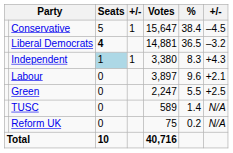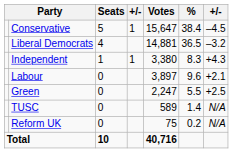 <table class="wikitable sortable">
 <tr>
 <th colspan="2">Party</th>
 <th>Seats</th>
 <th>+/-</th>
 <th>Votes</th>
 <th>%</th>
 <th>+/-</th>
 </tr>
 <tr>
 <td style="background-color: "></td>
 <td><a href='#'>Conservative</a></td>
 <td>5</td>
 <td> 1</td>
 <td style="text-align:right;">15,647</td>
 <td style="text-align:right;">38.4</td>
 <td style="text-align:right;">–4.5</td>
 </tr>
 <tr>
 <td style="background-color: "></td>
 <td><a href='#'>Liberal Democrats</a></td>
-<td><strong>4</strong></td>
+<td>4</td>
 <td></td>
 <td style="text-align:right;">14,881</td>
 <td style="text-align:right;">36.5</td>
 <td style="text-align:right;">–3.2</td>
 </tr>
 <tr>
 <td style="background-color: "></td>
 <td><a href='#'>Independent</a></td>
-<td style="background: lightblue;">1</td>
+<td>1</td>
 <td> 1</td>
 <td style="text-align:right;">3,380</td>
 <td style="text-align:right;">8.3</td>
 <td style="text-align:right;">+4.3</td>
 </tr>
 <tr>
 <td style="background-color: "></td>
 <td><a href='#'>Labour</a></td>
 <td>0</td>
 <td></td>
 <td style="text-align:right;">3,897</td>
 <td style="text-align:right;">9.6</td>
 <td style="text-align:right;">+2.1</td>
 </tr>
 <tr>
 <td style="background-color: "></td>
 <td><a href='#'>Green</a></td>
 <td>0</td>
 <td></td>
 <td style="text-align:right;">2,247</td>
 <td style="text-align:right;">5.5</td>
 <td style="text-align:right;">+2.5</td>
 </tr>
 <tr>
 <td style="background-color: "></td>
 <td><a href='#'>TUSC</a></td>
 <td>0</td>
 <td></td>
 <td style="text-align:right;">589</td>
 <td style="text-align:right;">1.4</td>
 <td style="text-align:right;"><em>N/A</em></td>
 </tr>
 <tr>
 <td style="background-color: "></td>
 <td><a href='#'>Reform UK</a></td>
 <td>0</td>
 <td></td>
 <td style="text-align:right;">75</td>
 <td style="text-align:right;">0.2</td>
 <td style="text-align:right;"><em>N/A</em></td>
 </tr>
 <tr>
 <td colspan="2"><strong>Total</strong></td>
 <td><strong>10</strong></td>
 <td></td>
 <td style="text-align:right;"><strong>40,716</strong></td>
 <td style="text-align:right;"></td>
 <td style="text-align:right;"></td>
 </tr>
 </table>
